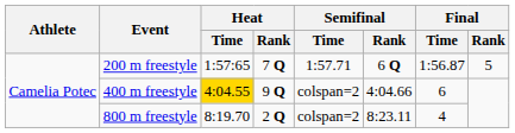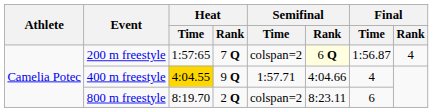 <table class=wikitable style="font-size:90%">
 <tr>
 <th rowspan="2">Athlete</th>
 <th rowspan="2">Event</th>
 <th colspan="2">Heat</th>
 <th colspan="2">Semifinal</th>
 <th colspan="2">Final</th>
 </tr>
 <tr style="font-size:95%">
 <th>Time</th>
 <th>Rank</th>
 <th>Time</th>
 <th>Rank</th>
 <th>Time</th>
 <th>Rank</th>
 </tr>
 <tr align=center>
 <td align=left rowspan=3><a href='#'>Camelia Potec</a></td>
 <td align=left><a href='#'>200 m freestyle</a></td>
 <td>1:57:65</td>
 <td>7 <strong>Q</strong></td>
-<td>1:57.71</td>
-<td>6 <strong>Q</strong></td>
+<td>colspan=2 </td>
+<td style="background: lightyellow;">6 <strong>Q</strong></td>
 <td>1:56.87</td>
-<td>5</td>
+<td>4</td>
 </tr>
 <tr align=center>
 <td align=left><a href='#'>400 m freestyle</a></td>
 <td style="background: gold;">4:04.55</td>
 <td>9 <strong>Q</strong></td>
-<td>colspan=2 </td>
+<td>1:57.71</td>
 <td>4:04.66</td>
-<td>6</td>
+<td>4</td>
 </tr>
 <tr align=center>
 <td align=left><a href='#'>800 m freestyle</a></td>
 <td>8:19.70</td>
 <td>2 <strong>Q</strong></td>
 <td>colspan=2 </td>
 <td>8:23.11</td>
-<td>4</td>
+<td>6</td>
 </tr>
 </table>
